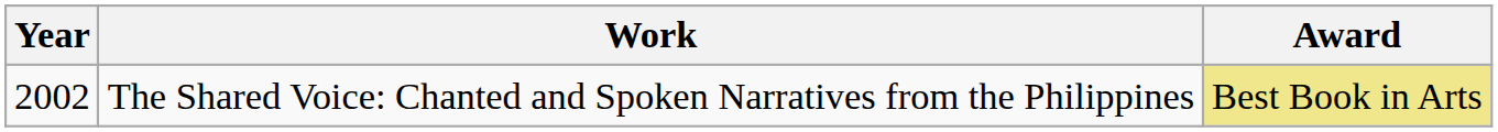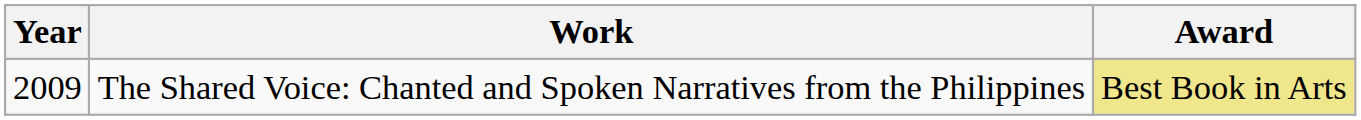 <table class="wikitable" style="text-align: center;">
 <tr>
 <th>Year</th>
 <th>Work</th>
 <th>Award</th>
 </tr>
 <tr>
-<td>2002</td>
+<td>2009</td>
 <td>The Shared Voice: Chanted and Spoken Narratives from the Philippines</td>
 <td style="background: khaki;">Best Book in Arts</td>
 </tr>
 </table>
